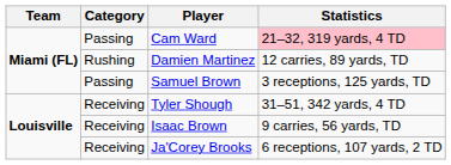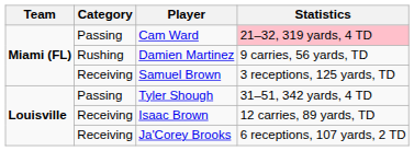 <table class="wikitable" style="float: right;">
 <tr>
 <th>Team</th>
 <th>Category</th>
 <th>Player</th>
 <th>Statistics</th>
 </tr>
 <tr>
 <td rowspan=3><strong>Miami (FL)</strong></td>
 <td>Passing</td>
 <td><a href='#'>Cam Ward</a></td>
 <td style="background: pink;">21–32, 319 yards, 4 TD</td>
 </tr>
 <tr>
 <td>Rushing</td>
 <td><a href='#'>Damien Martinez</a></td>
-<td>12 carries, 89 yards, TD</td>
+<td>9 carries, 56 yards, TD</td>
 </tr>
 <tr>
-<td>Passing</td>
+<td>Receiving</td>
 <td><a href='#'>Samuel Brown</a></td>
 <td>3 receptions, 125 yards, TD</td>
 </tr>
 <tr>
 <td rowspan=3><strong>Louisville</strong></td>
-<td>Receiving</td>
+<td>Passing</td>
 <td><a href='#'>Tyler Shough</a></td>
 <td>31–51, 342 yards, 4 TD</td>
 </tr>
 <tr>
 <td>Receiving</td>
 <td><a href='#'>Isaac Brown</a></td>
-<td>9 carries, 56 yards, TD</td>
+<td>12 carries, 89 yards, TD</td>
 </tr>
 <tr>
 <td>Receiving</td>
 <td><a href='#'>Ja'Corey Brooks</a></td>
 <td>6 receptions, 107 yards, 2 TD</td>
 </tr>
 </table>
